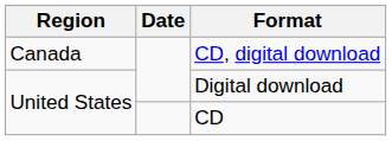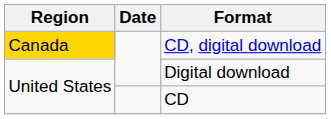 <table class="wikitable">
 <tr>
 <th>Region</th>
 <th>Date</th>
 <th>Format</th>
 </tr>
 <tr>
-<td>Canada</td>
+<td style="background: gold;">Canada</td>
 <td rowspan=2></td>
 <td><a href='#'>CD</a>, <a href='#'>digital download</a></td>
 </tr>
 <tr>
 <td rowspan=2>United States</td>
 <td>Digital download</td>
 </tr>
 <tr>
 <td></td>
 <td>CD</td>
 </tr>
 </table>
